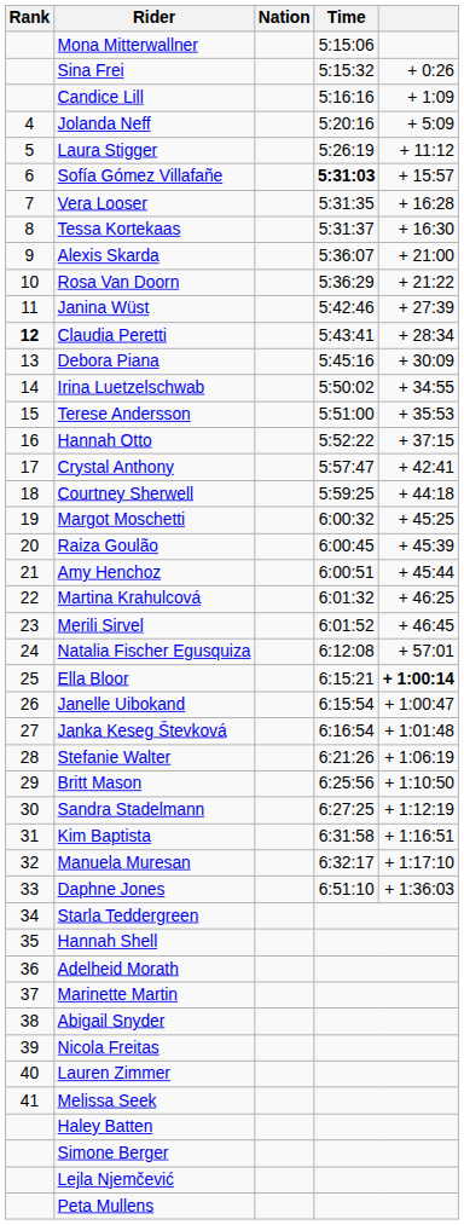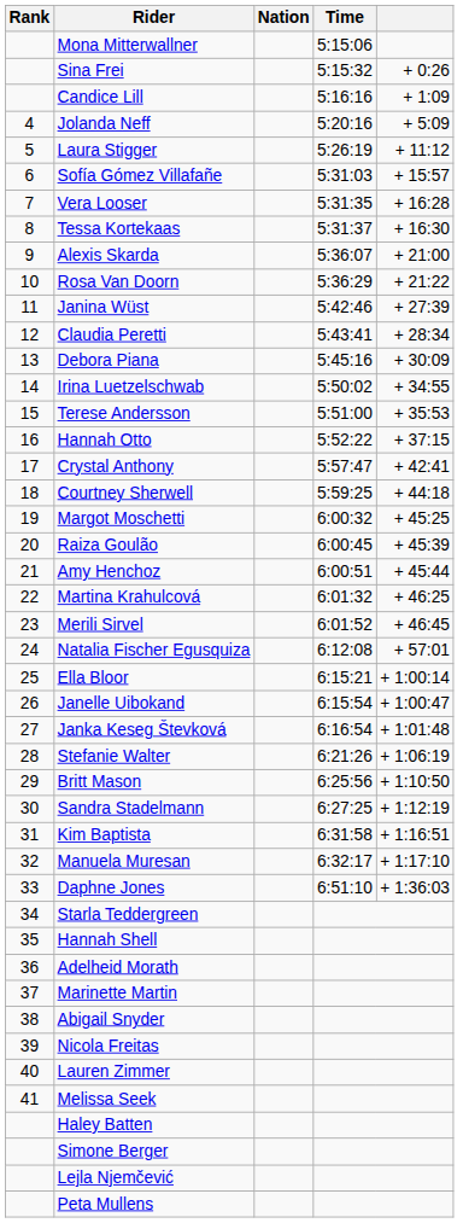 <table class="wikitable sortable" style=text-align:center;">
 <tr>
 <th scope="col">Rank</th>
 <th scope="col">Rider</th>
 <th scope="col">Nation</th>
 <th scope="col">Time</th>
 <th scope="col"></th>
 </tr>
 <tr>
 <td></td>
 <td align=left><a href='#'>Mona Mitterwallner</a></td>
 <td align=left></td>
 <td>5:15:06</td>
 <td align=right></td>
 </tr>
 <tr>
 <td></td>
 <td align=left><a href='#'>Sina Frei</a></td>
 <td align=left></td>
 <td>5:15:32</td>
 <td align=right>+ 0:26</td>
 </tr>
 <tr>
 <td></td>
 <td align=left><a href='#'>Candice Lill</a></td>
 <td align=left></td>
 <td>5:16:16</td>
 <td align=right>+ 1:09</td>
 </tr>
 <tr>
 <td>4</td>
 <td align=left><a href='#'>Jolanda Neff</a></td>
 <td align=left></td>
 <td>5:20:16</td>
 <td align=right>+ 5:09</td>
 </tr>
 <tr>
 <td>5</td>
 <td align=left><a href='#'>Laura Stigger</a></td>
 <td align=left></td>
 <td>5:26:19</td>
 <td align=right>+ 11:12</td>
 </tr>
 <tr>
 <td>6</td>
 <td align=left><a href='#'>Sofía Gómez Villafañe</a></td>
 <td align=left></td>
-<td><strong>5:31:03</strong></td>
+<td>5:31:03</td>
 <td align=right>+ 15:57</td>
 </tr>
 <tr>
 <td>7</td>
 <td align=left><a href='#'>Vera Looser</a></td>
 <td align=left></td>
 <td>5:31:35</td>
 <td align=right>+ 16:28</td>
 </tr>
 <tr>
 <td>8</td>
 <td align=left><a href='#'>Tessa Kortekaas</a></td>
 <td align=left></td>
 <td>5:31:37</td>
 <td align=right>+ 16:30</td>
 </tr>
 <tr>
 <td>9</td>
 <td align=left><a href='#'>Alexis Skarda</a></td>
 <td align=left></td>
 <td>5:36:07</td>
 <td align=right>+ 21:00</td>
 </tr>
 <tr>
 <td>10</td>
 <td align=left><a href='#'>Rosa Van Doorn</a></td>
 <td align=left></td>
 <td>5:36:29</td>
 <td align=right>+ 21:22</td>
 </tr>
 <tr>
 <td>11</td>
 <td align=left><a href='#'>Janina Wüst</a></td>
 <td align=left></td>
 <td>5:42:46</td>
 <td align=right>+ 27:39</td>
 </tr>
 <tr>
-<td><strong>12</strong></td>
+<td>12</td>
 <td align=left><a href='#'>Claudia Peretti</a></td>
 <td align=left></td>
 <td>5:43:41</td>
 <td align=right>+ 28:34</td>
 </tr>
 <tr>
 <td>13</td>
 <td align=left><a href='#'>Debora Piana</a></td>
 <td align=left></td>
 <td>5:45:16</td>
 <td align=right>+ 30:09</td>
 </tr>
 <tr>
 <td>14</td>
 <td align=left><a href='#'>Irina Luetzelschwab</a></td>
 <td align=left></td>
 <td>5:50:02</td>
 <td align=right>+ 34:55</td>
 </tr>
 <tr>
 <td>15</td>
 <td align=left><a href='#'>Terese Andersson</a></td>
 <td align=left></td>
 <td>5:51:00</td>
 <td align=right>+ 35:53</td>
 </tr>
 <tr>
 <td>16</td>
 <td align=left><a href='#'>Hannah Otto</a></td>
 <td align=left></td>
 <td>5:52:22</td>
 <td align=right>+ 37:15</td>
 </tr>
 <tr>
 <td>17</td>
 <td align=left><a href='#'>Crystal Anthony</a></td>
 <td align=left></td>
 <td>5:57:47</td>
 <td align=right>+ 42:41</td>
 </tr>
 <tr>
 <td>18</td>
 <td align=left><a href='#'>Courtney Sherwell</a></td>
 <td align=left></td>
 <td>5:59:25</td>
 <td align=right>+ 44:18</td>
 </tr>
 <tr>
 <td>19</td>
 <td align=left><a href='#'>Margot Moschetti</a></td>
 <td align=left></td>
 <td>6:00:32</td>
 <td align=right>+ 45:25</td>
 </tr>
 <tr>
 <td>20</td>
 <td align=left><a href='#'>Raiza Goulão</a></td>
 <td align=left></td>
 <td>6:00:45</td>
 <td align=right>+ 45:39</td>
 </tr>
 <tr>
 <td>21</td>
 <td align=left><a href='#'>Amy Henchoz</a></td>
 <td align=left></td>
 <td>6:00:51</td>
 <td align=right>+ 45:44</td>
 </tr>
 <tr>
 <td>22</td>
 <td align=left><a href='#'>Martina Krahulcová</a></td>
 <td align=left></td>
 <td>6:01:32</td>
 <td align=right>+ 46:25</td>
 </tr>
 <tr>
 <td>23</td>
 <td align=left><a href='#'>Merili Sirvel</a></td>
 <td align=left></td>
 <td>6:01:52</td>
 <td align=right>+ 46:45</td>
 </tr>
 <tr>
 <td>24</td>
 <td align=left><a href='#'>Natalia Fischer Egusquiza</a></td>
 <td align=left></td>
 <td>6:12:08</td>
 <td align=right>+ 57:01</td>
 </tr>
 <tr>
 <td>25</td>
 <td align=left><a href='#'>Ella Bloor</a></td>
 <td align=left></td>
 <td>6:15:21</td>
-<td align=right><strong>+ 1:00:14</strong></td>
+<td align=right>+ 1:00:14</td>
 </tr>
 <tr>
 <td>26</td>
 <td align=left><a href='#'>Janelle Uibokand</a></td>
 <td align=left></td>
 <td>6:15:54</td>
 <td align=right>+ 1:00:47</td>
 </tr>
 <tr>
 <td>27</td>
 <td align=left><a href='#'>Janka Keseg Števková</a></td>
 <td align=left></td>
 <td>6:16:54</td>
 <td align=right>+ 1:01:48</td>
 </tr>
 <tr>
 <td>28</td>
 <td align=left><a href='#'>Stefanie Walter</a></td>
 <td align=left></td>
 <td>6:21:26</td>
 <td align=right>+ 1:06:19</td>
 </tr>
 <tr>
 <td>29</td>
 <td align=left><a href='#'>Britt Mason</a></td>
 <td align=left></td>
 <td>6:25:56</td>
 <td align=right>+ 1:10:50</td>
 </tr>
 <tr>
 <td>30</td>
 <td align=left><a href='#'>Sandra Stadelmann</a></td>
 <td align=left></td>
 <td>6:27:25</td>
 <td align=right>+ 1:12:19</td>
 </tr>
 <tr>
 <td>31</td>
 <td align=left><a href='#'>Kim Baptista</a></td>
 <td align=left></td>
 <td>6:31:58</td>
 <td align=right>+ 1:16:51</td>
 </tr>
 <tr>
 <td>32</td>
 <td align=left><a href='#'>Manuela Muresan</a></td>
 <td align=left></td>
 <td>6:32:17</td>
 <td align=right>+ 1:17:10</td>
 </tr>
 <tr>
 <td>33</td>
 <td align=left><a href='#'>Daphne Jones</a></td>
 <td align=left></td>
 <td>6:51:10</td>
 <td align=right>+ 1:36:03</td>
 </tr>
 <tr>
 <td>34</td>
 <td align=left><a href='#'>Starla Teddergreen</a></td>
 <td align=left></td>
 <td colspan="2"></td>
 </tr>
 <tr>
 <td>35</td>
 <td align=left><a href='#'>Hannah Shell</a></td>
 <td align=left></td>
 <td colspan="2"></td>
 </tr>
 <tr>
 <td>36</td>
 <td align=left><a href='#'>Adelheid Morath</a></td>
 <td align=left></td>
 <td colspan="2"></td>
 </tr>
 <tr>
 <td>37</td>
 <td align=left><a href='#'>Marinette Martin</a></td>
 <td align=left></td>
 <td colspan="2"></td>
 </tr>
 <tr>
 <td>38</td>
 <td align=left><a href='#'>Abigail Snyder</a></td>
 <td align=left></td>
 <td colspan="2"></td>
 </tr>
 <tr>
 <td>39</td>
 <td align=left><a href='#'>Nicola Freitas</a></td>
 <td align=left></td>
 <td colspan="2"></td>
 </tr>
 <tr>
 <td>40</td>
 <td align=left><a href='#'>Lauren Zimmer</a></td>
 <td align=left></td>
 <td colspan="2"></td>
 </tr>
 <tr>
 <td>41</td>
 <td align=left><a href='#'>Melissa Seek</a></td>
 <td align=left></td>
 <td colspan="2"></td>
 </tr>
 <tr>
 <td></td>
 <td align=left><a href='#'>Haley Batten</a></td>
 <td align=left></td>
 <td colspan="2"></td>
 </tr>
 <tr>
 <td></td>
 <td align=left><a href='#'>Simone Berger</a></td>
 <td align=left></td>
 <td colspan="2"></td>
 </tr>
 <tr>
 <td></td>
 <td align=left><a href='#'>Lejla Njemčević</a></td>
 <td align=left></td>
 <td colspan="2"></td>
 </tr>
 <tr>
 <td></td>
 <td align=left><a href='#'>Peta Mullens</a></td>
 <td align=left></td>
 <td colspan="2"></td>
 </tr>
 </table>
